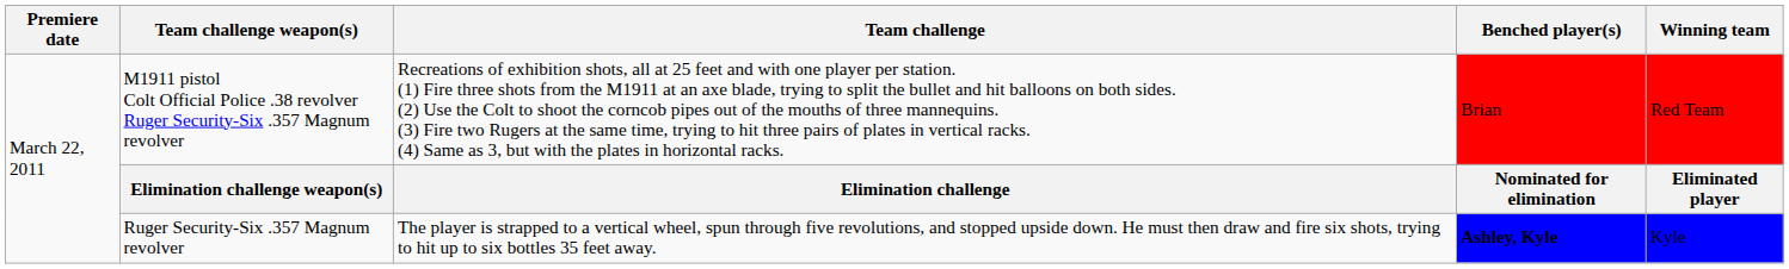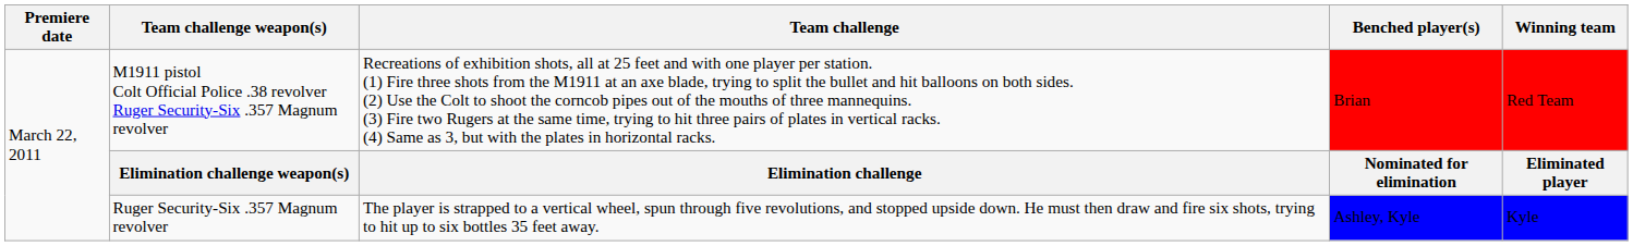 <table class="wikitable">
 <tr>
 <th>Premiere date</th>
 <th>Team challenge weapon(s)</th>
 <th>Team challenge</th>
 <th>Benched player(s)</th>
 <th>Winning team</th>
 </tr>
 <tr>
 <td rowspan="3">March 22, 2011</td>
 <td>M1911 pistol<br>Colt Official Police .38 revolver<br><a href='#'>Ruger Security-Six</a> .357 Magnum revolver</td>
 <td>Recreations of exhibition shots, all at 25 feet and with one player per station.<br>(1) Fire three shots from the M1911 at an axe blade, trying to split the bullet and hit balloons on both sides.<br>(2) Use the Colt to shoot the corncob pipes out of the mouths of three mannequins.<br>(3) Fire two Rugers at the same time, trying to hit three pairs of plates in vertical racks.<br>(4) Same as 3, but with the plates in horizontal racks.</td>
 <td style="background:red;"><span>Brian</span></td>
 <td style="background:red;"><span>Red Team</span></td>
 </tr>
 <tr>
 <th>Elimination challenge weapon(s)</th>
 <th>Elimination challenge</th>
 <th>Nominated for elimination</th>
 <th>Eliminated player</th>
 </tr>
 <tr>
 <td>Ruger Security-Six .357 Magnum revolver</td>
 <td>The player is strapped to a vertical wheel, spun through five revolutions, and stopped upside down. He must then draw and fire six shots, trying to hit up to six bottles 35 feet away.</td>
-<td style="background:blue;"><strong><span>Ashley, Kyle</span></strong></td>
+<td style="background:blue;"><span>Ashley, Kyle</span></td>
 <td style="background:blue;"><span>Kyle</span></td>
 </tr>
 </table>
